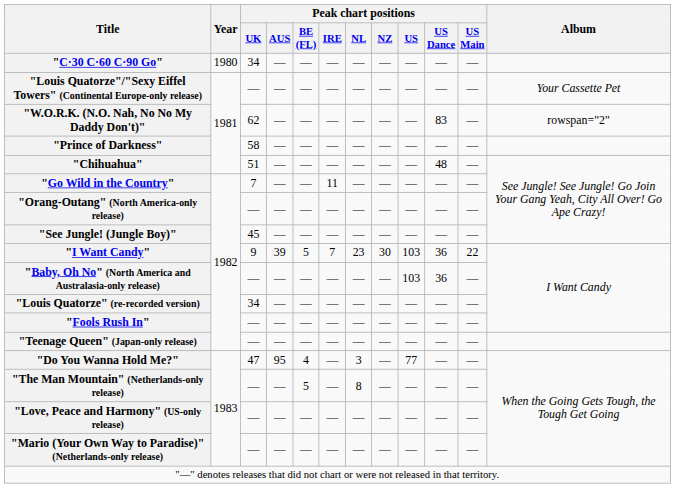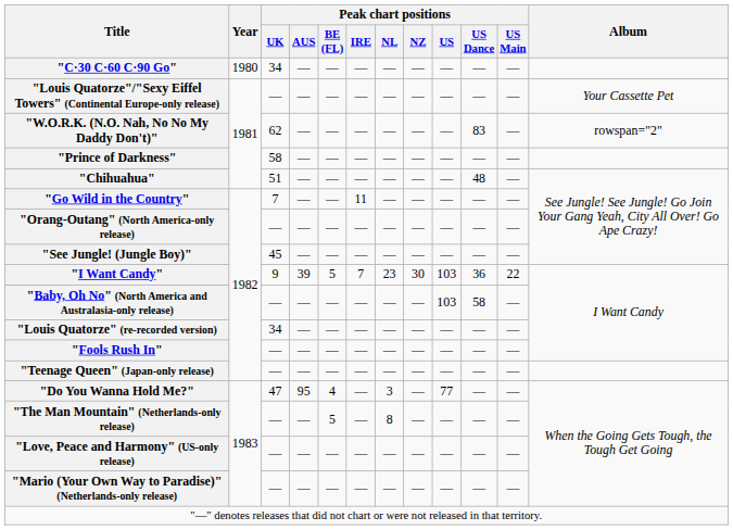 <table class="wikitable plainrowheaders" style="text-align:center;">
 <tr>
 <th rowspan="2" scope="col" style="width:17em;">Title</th>
 <th rowspan="2" scope="col" style="width:2em;">Year</th>
 <th colspan="9">Peak chart positions</th>
 <th rowspan="2" style="width:15em;">Album</th>
 </tr>
 <tr>
 <th scope="col" style="width:2em;font-size:90%;"><a href='#'>UK</a><br></th>
 <th scope="col" style="width:2em;font-size:90%;"><a href='#'>AUS</a><br></th>
 <th scope="col" style="width:2em;font-size:90%;"><a href='#'>BE (FL)</a><br></th>
 <th scope="col" style="width:2em;font-size:90%;"><a href='#'>IRE</a><br></th>
 <th scope="col" style="width:2em;font-size:90%;"><a href='#'>NL</a><br></th>
 <th scope="col" style="width:2em;font-size:90%;"><a href='#'>NZ</a><br></th>
 <th scope="col" style="width:2em;font-size:90%;"><a href='#'>US</a><br></th>
 <th scope="col" style="width:2em;font-size:90%;"><a href='#'>US Dance</a><br></th>
 <th scope="col" style="width:2em;font-size:90%;"><a href='#'>US Main</a><br></th>
 </tr>
 <tr>
 <th scope="row">"<a href='#'>C·30 C·60 C·90 Go</a>"</th>
 <td>1980</td>
 <td>34</td>
 <td>—</td>
 <td>—</td>
 <td>—</td>
 <td>—</td>
 <td>—</td>
 <td>—</td>
 <td>—</td>
 <td>—</td>
 <td></td>
 </tr>
 <tr>
 <th scope="row">"Louis Quatorze"/"Sexy Eiffel Towers" <small>(Continental Europe-only release)</small></th>
 <td rowspan="4">1981</td>
 <td>—</td>
 <td>—</td>
 <td>—</td>
 <td>—</td>
 <td>—</td>
 <td>—</td>
 <td>—</td>
 <td>—</td>
 <td>—</td>
 <td><em>Your Cassette Pet</em></td>
 </tr>
 <tr>
 <th scope="row">"W.O.R.K. (N.O. Nah, No No My Daddy Don't)"</th>
 <td>62</td>
 <td>—</td>
 <td>—</td>
 <td>—</td>
 <td>—</td>
 <td>—</td>
 <td>—</td>
 <td>83</td>
 <td>—</td>
 <td>rowspan="2" </td>
 </tr>
 <tr>
 <th scope="row">"Prince of Darkness"</th>
 <td>58</td>
 <td>—</td>
 <td>—</td>
 <td>—</td>
 <td>—</td>
 <td>—</td>
 <td>—</td>
 <td>—</td>
 <td>—</td>
 </tr>
 <tr>
 <th scope="row">"Chihuahua"</th>
 <td>51</td>
 <td>—</td>
 <td>—</td>
 <td>—</td>
 <td>—</td>
 <td>—</td>
 <td>—</td>
 <td>48</td>
 <td>—</td>
 <td rowspan="4"><em>See Jungle! See Jungle! Go Join Your Gang Yeah, City All Over! Go Ape Crazy!</em></td>
 </tr>
 <tr>
 <th scope="row">"<a href='#'>Go Wild in the Country</a>"</th>
 <td rowspan="8">1982</td>
 <td>7</td>
 <td>—</td>
 <td>—</td>
 <td>11</td>
 <td>—</td>
 <td>—</td>
 <td>—</td>
 <td>—</td>
 <td>—</td>
 </tr>
 <tr>
 <th scope="row">"Orang-Outang" <small>(North America-only release)</small></th>
 <td>—</td>
 <td>—</td>
 <td>—</td>
 <td>—</td>
 <td>—</td>
 <td>—</td>
 <td>—</td>
 <td>—</td>
 <td>—</td>
 </tr>
 <tr>
 <th scope="row">"See Jungle! (Jungle Boy)"</th>
 <td>45</td>
 <td>—</td>
 <td>—</td>
 <td>—</td>
 <td>—</td>
 <td>—</td>
 <td>—</td>
 <td>—</td>
 <td>—</td>
 </tr>
 <tr>
 <th scope="row">"<a href='#'>I Want Candy</a>"</th>
 <td>9</td>
 <td>39</td>
 <td>5</td>
 <td>7</td>
 <td>23</td>
 <td>30</td>
 <td>103</td>
 <td>36</td>
 <td>22</td>
 <td rowspan="4"><em>I Want Candy</em></td>
 </tr>
 <tr>
 <th scope="row">"<a href='#'>Baby, Oh No</a>" <small>(North America and Australasia-only release)</small></th>
 <td>—</td>
 <td>—</td>
 <td>—</td>
 <td>—</td>
 <td>—</td>
 <td>—</td>
 <td>103</td>
-<td>36</td>
+<td>58</td>
 <td>—</td>
 </tr>
 <tr>
 <th scope="row">"Louis Quatorze" <small>(re-recorded version)</small></th>
 <td>34</td>
 <td>—</td>
 <td>—</td>
 <td>—</td>
 <td>—</td>
 <td>—</td>
 <td>—</td>
 <td>—</td>
 <td>—</td>
 </tr>
 <tr>
 <th scope="row">"<a href='#'>Fools Rush In</a>"</th>
 <td>—</td>
 <td>—</td>
 <td>—</td>
 <td>—</td>
 <td>—</td>
 <td>—</td>
 <td>—</td>
 <td>—</td>
 <td>—</td>
 </tr>
 <tr>
 <th scope="row">"Teenage Queen" <small>(Japan-only release)</small></th>
 <td>—</td>
 <td>—</td>
 <td>—</td>
 <td>—</td>
 <td>—</td>
 <td>—</td>
 <td>—</td>
 <td>—</td>
 <td>—</td>
 <td></td>
 </tr>
 <tr>
 <th scope="row">"Do You Wanna Hold Me?"</th>
 <td rowspan="4">1983</td>
 <td>47</td>
 <td>95</td>
 <td>4</td>
 <td>—</td>
 <td>3</td>
 <td>—</td>
 <td>77</td>
 <td>—</td>
 <td>—</td>
 <td rowspan="4"><em>When the Going Gets Tough, the Tough Get Going</em></td>
 </tr>
 <tr>
 <th scope="row">"The Man Mountain" <small>(Netherlands-only release)</small></th>
 <td>—</td>
 <td>—</td>
 <td>5</td>
 <td>—</td>
 <td>8</td>
 <td>—</td>
 <td>—</td>
 <td>—</td>
 <td>—</td>
 </tr>
 <tr>
 <th scope="row">"Love, Peace and Harmony" <small>(US-only release)</small></th>
 <td>—</td>
 <td>—</td>
 <td>—</td>
 <td>—</td>
 <td>—</td>
 <td>—</td>
 <td>—</td>
 <td>—</td>
 <td>—</td>
 </tr>
 <tr>
 <th scope="row">"Mario (Your Own Way to Paradise)" <small>(Netherlands-only release)</small></th>
 <td>—</td>
 <td>—</td>
 <td>—</td>
 <td>—</td>
 <td>—</td>
 <td>—</td>
 <td>—</td>
 <td>—</td>
 <td>—</td>
 </tr>
 <tr>
 <td colspan="12" style="font-size:90%">"—" denotes releases that did not chart or were not released in that territory.</td>
 </tr>
 </table>
